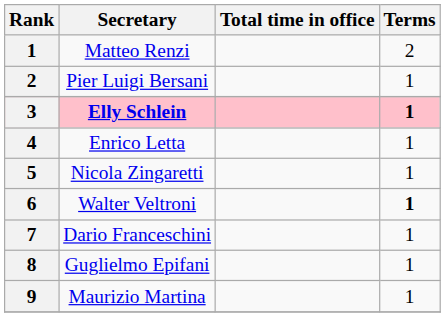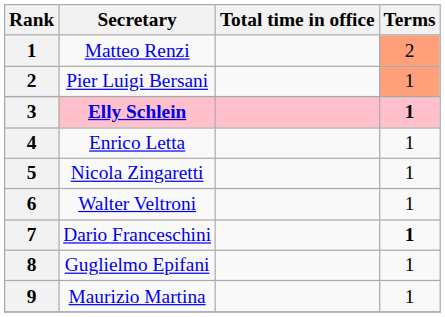 <table class="wikitable" style="text-align:center">
 <tr>
 <th>Rank</th>
 <th>Secretary</th>
 <th>Total time in office</th>
 <th>Terms</th>
 </tr>
 <tr>
 <th>1</th>
 <td><a href='#'>Matteo Renzi</a></td>
 <td></td>
-<td>2</td>
+<td style="background: lightsalmon;">2</td>
 </tr>
 <tr>
 <th>2</th>
 <td><a href='#'>Pier Luigi Bersani</a></td>
 <td></td>
-<td>1</td>
+<td style="background: lightsalmon;">1</td>
 </tr>
 <tr>
 </tr>
 <tr bgcolor="pink">
 <th>3</th>
 <td><strong><a href='#'>Elly Schlein</a></strong></td>
 <td><strong></strong></td>
 <td><strong>1</strong></td>
 </tr>
 <tr>
 <th>4</th>
 <td><a href='#'>Enrico Letta</a></td>
 <td></td>
 <td>1</td>
 </tr>
 <tr>
 <th>5</th>
 <td><a href='#'>Nicola Zingaretti</a></td>
 <td></td>
 <td>1</td>
 </tr>
 <tr>
 <th>6</th>
 <td><a href='#'>Walter Veltroni</a></td>
 <td></td>
-<td><strong>1</strong></td>
+<td>1</td>
 </tr>
 <tr>
 <th>7</th>
 <td><a href='#'>Dario Franceschini</a></td>
 <td></td>
-<td>1</td>
+<td><strong>1</strong></td>
 </tr>
 <tr>
 <th>8</th>
 <td><a href='#'>Guglielmo Epifani</a></td>
 <td></td>
 <td>1</td>
 </tr>
 <tr>
 <th>9</th>
 <td><a href='#'>Maurizio Martina</a></td>
 <td></td>
 <td>1</td>
 </tr>
 <tr>
 </tr>
 </table>
